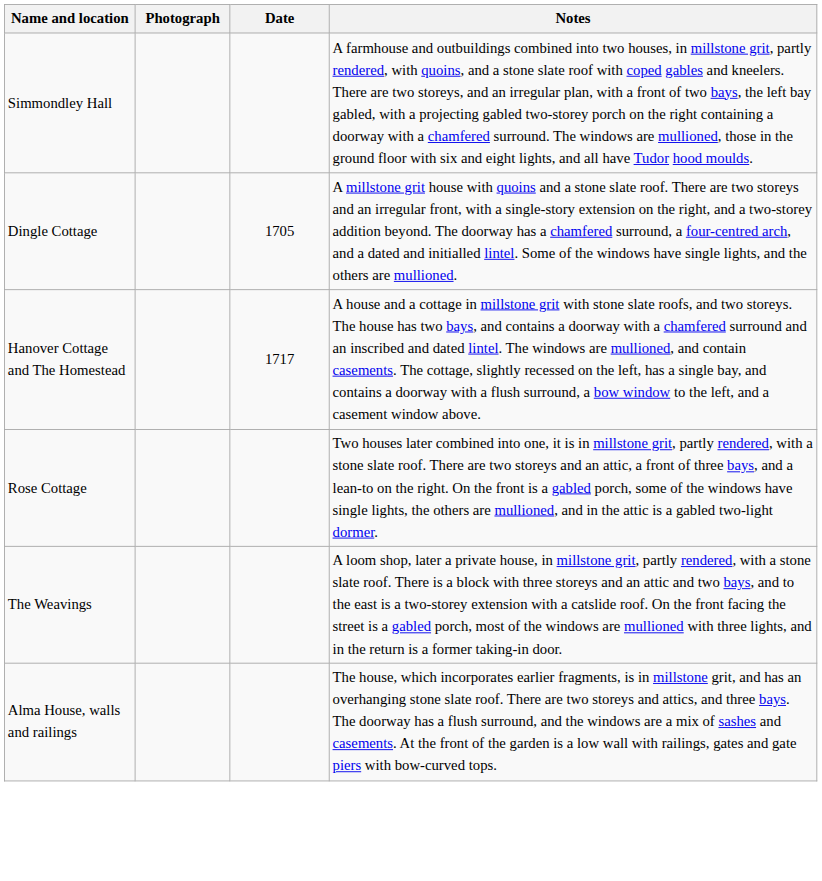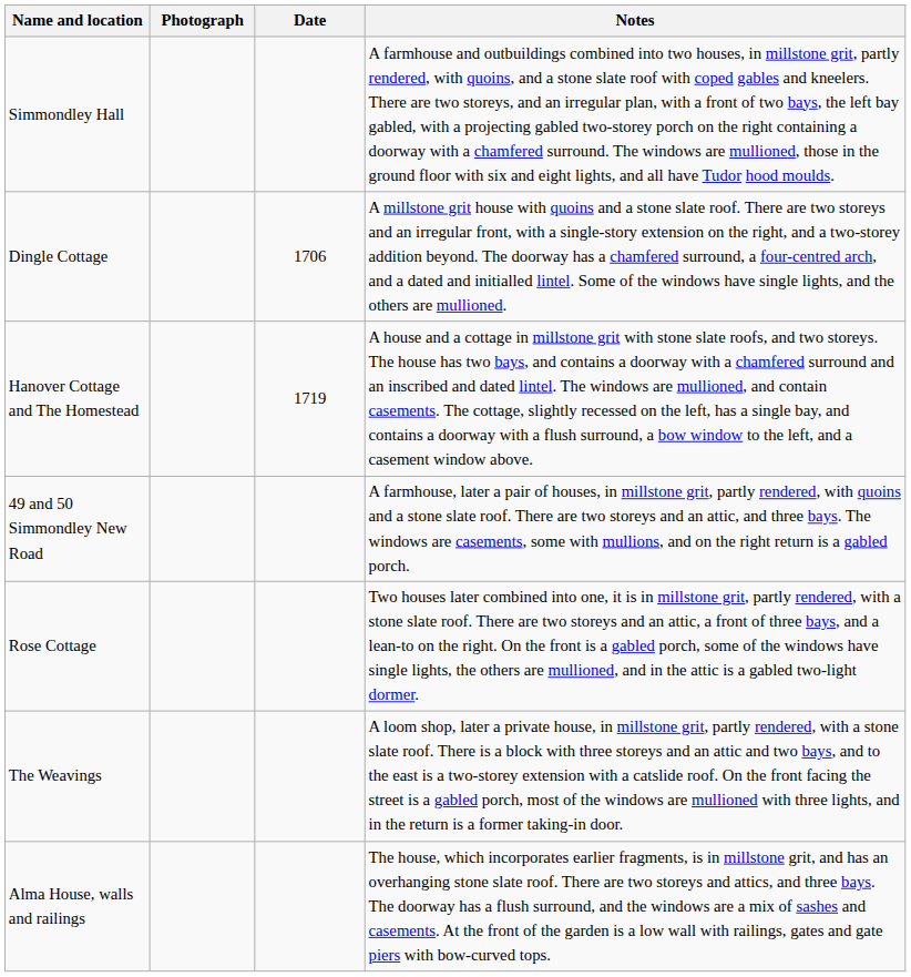 <table class="wikitable sortable plainrowheaders" style="width:100%;border:0px;text-align:left;line-height:150%;">
 <tr>
 <th scope="col"  style="width:150px">Name and location</th>
 <th scope="col"  style="width:100px" class="unsortable">Photograph</th>
 <th scope="col"  style="width:120px">Date</th>
 <th scope="col"  style="width:650px" class="unsortable">Notes</th>
 </tr>
 <tr>
 <td>Simmondley Hall<br><small></small></td>
 <td></td>
 <td align="center"></td>
 <td>A farmhouse and outbuildings combined into two houses, in <a href='#'>millstone grit</a>, partly <a href='#'>rendered</a>, with <a href='#'>quoins</a>, and a stone slate roof with <a href='#'>coped</a> <a href='#'>gables</a> and kneelers.  There are two storeys, and an irregular plan, with a front of two <a href='#'>bays</a>, the left bay gabled, with a projecting gabled two-storey porch on the right containing a doorway with a <a href='#'>chamfered</a> surround.  The windows are <a href='#'>mullioned</a>, those in the ground floor with six and eight lights, and all have <a href='#'>Tudor</a> <a href='#'>hood moulds</a>.</td>
 </tr>
 <tr>
 <td>Dingle Cottage<br><small></small></td>
 <td></td>
-<td align="center">1705</td>
+<td align="center">1706</td>
 <td>A <a href='#'>millstone grit</a> house with <a href='#'>quoins</a> and a stone slate roof.  There are two storeys and an irregular front, with a single-story extension on the right, and a two-storey addition beyond.  The doorway has a <a href='#'>chamfered</a> surround, a <a href='#'>four-centred arch</a>, and a dated and initialled <a href='#'>lintel</a>.  Some of the windows have single lights, and the others are <a href='#'>mullioned</a>.</td>
 </tr>
 <tr>
 <td>Hanover Cottage and The Homestead<br><small></small></td>
 <td></td>
-<td align="center">1717</td>
+<td align="center">1719</td>
 <td>A house and a cottage in <a href='#'>millstone grit</a> with stone slate roofs, and two storeys.  The house has two <a href='#'>bays</a>, and contains a doorway with a <a href='#'>chamfered</a> surround and an inscribed and dated <a href='#'>lintel</a>.  The windows are <a href='#'>mullioned</a>, and contain <a href='#'>casements</a>.  The cottage, slightly recessed on the left, has a single bay, and contains a doorway with a flush surround, a <a href='#'>bow window</a> to the left, and a casement window above.</td>
+</tr>
+<tr>
+<td>49 and 50 Simmondley New Road<br><small></small></td>
+<td></td>
+<td align="center"></td>
+<td>A farmhouse, later a pair of houses, in <a href='#'>millstone grit</a>, partly <a href='#'>rendered</a>, with <a href='#'>quoins</a> and a stone slate roof.  There are two storeys and an attic, and three <a href='#'>bays</a>.  The windows are <a href='#'>casements</a>, some with <a href='#'>mullions</a>, and on the right return is a <a href='#'>gabled</a> porch.</td>
 </tr>
 <tr>
 <td>Rose Cottage<br><small></small></td>
 <td></td>
 <td align="center"></td>
 <td>Two houses later combined into one, it is in <a href='#'>millstone grit</a>, partly <a href='#'>rendered</a>, with a stone slate roof.  There are two storeys and an attic, a front of three <a href='#'>bays</a>, and a lean-to on the right.  On the front is a <a href='#'>gabled</a> porch, some of the windows have single lights, the others are <a href='#'>mullioned</a>, and in the attic is a gabled two-light <a href='#'>dormer</a>.</td>
 </tr>
 <tr>
 <td>The Weavings<br><small></small></td>
 <td></td>
 <td align="center"></td>
 <td>A loom shop, later a private house, in <a href='#'>millstone grit</a>, partly <a href='#'>rendered</a>, with a stone slate roof.  There is a block with three storeys and an attic and two <a href='#'>bays</a>, and to the east is a two-storey extension with a catslide roof.  On the front facing the street is a <a href='#'>gabled</a> porch, most of the windows are <a href='#'>mullioned</a> with three lights, and in the return is a former taking-in door.</td>
 </tr>
 <tr>
 <td>Alma House, walls and railings<br><small></small></td>
 <td></td>
 <td align="center"></td>
 <td>The house, which incorporates earlier fragments, is in <a href='#'>millstone</a> grit, and has an overhanging stone slate roof.  There are two storeys and attics, and three <a href='#'>bays</a>.  The doorway has a flush surround, and the windows are a mix of <a href='#'>sashes</a> and <a href='#'>casements</a>.  At the front of the garden is a low wall with railings, gates and gate <a href='#'>piers</a> with bow-curved tops.</td>
 </tr>
 <tr>
 </tr>
 </table>
